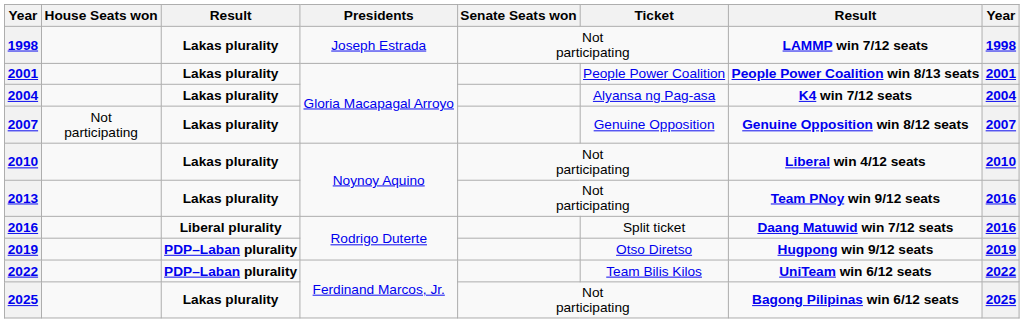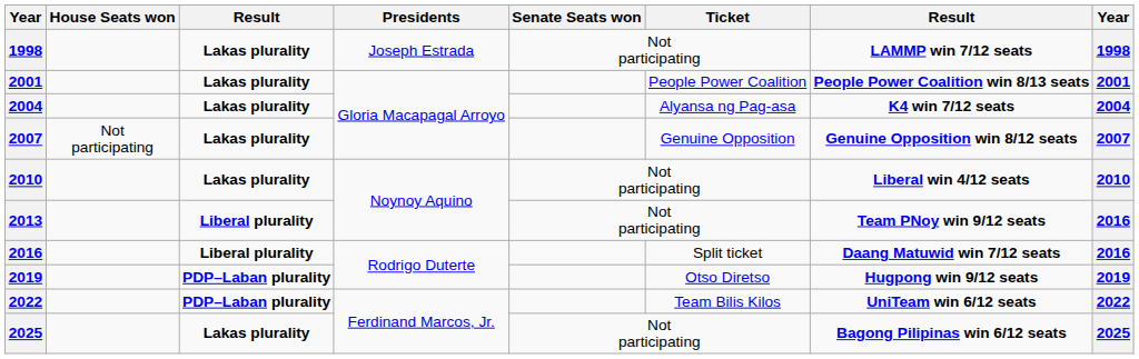 <table class="wikitable" style="text-align:center; font-size:90%">
 <tr>
 <th>Year</th>
 <th>House Seats won</th>
 <th>Result</th>
 <th>Presidents</th>
 <th>Senate Seats won</th>
 <th>Ticket</th>
 <th>Result</th>
 <th>Year</th>
 </tr>
 <tr>
 <th><a href='#'>1998</a></th>
 <td></td>
 <td><strong>Lakas plurality</strong></td>
 <td style="background:"><a href='#'><span>Joseph Estrada</span></a></td>
 <td colspan="2">Not<br>participating</td>
 <td><strong><a href='#'>LAMMP</a> win 7/12 seats</strong></td>
 <th><a href='#'>1998</a></th>
 </tr>
 <tr>
 <th><a href='#'>2001</a></th>
 <td></td>
 <td><strong>Lakas plurality</strong></td>
 <td rowspan="3" style="background:"><a href='#'>Gloria Macapagal Arroyo</a></td>
 <td></td>
 <td style="background:"><a href='#'><span>People Power Coalition</span></a></td>
 <td style="background:"><strong><a href='#'><span>People Power Coalition</span></a> <span>win 8/13 seats</span></strong></td>
 <th><a href='#'>2001</a></th>
 </tr>
 <tr>
 <th><a href='#'>2004</a></th>
 <td></td>
 <td><strong>Lakas plurality</strong></td>
 <td></td>
 <td><a href='#'>Alyansa ng Pag-asa</a></td>
 <td><strong><a href='#'>K4</a> win 7/12 seats</strong></td>
 <th><a href='#'>2004</a></th>
 </tr>
 <tr>
 <th><a href='#'>2007</a></th>
 <td>Not<br>participating</td>
 <td><strong>Lakas plurality</strong></td>
 <td></td>
 <td style="background:"><a href='#'><span>Genuine Opposition</span></a></td>
 <td style="background:"><strong><a href='#'><span>Genuine Opposition</span></a> <span>win 8/12 seats</span></strong></td>
 <th><a href='#'>2007</a></th>
 </tr>
 <tr>
 <th><a href='#'>2010</a></th>
 <td></td>
 <td><strong>Lakas plurality</strong></td>
 <td rowspan="2" style="background-color:"><a href='#'>Noynoy Aquino</a></td>
 <td colspan=2>Not<br>participating</td>
 <td><strong><a href='#'>Liberal</a> win 4/12 seats</strong></td>
 <th><a href='#'>2010</a></th>
 </tr>
 <tr>
 <th><a href='#'>2013</a></th>
 <td></td>
-<td><strong>Lakas plurality</strong></td>
+<td><strong><a href='#'>Liberal</a> plurality</strong></td>
 <td colspan=2>Not<br>participating</td>
 <td><strong><a href='#'>Team PNoy</a> win 9/12 seats</strong></td>
 <th><a href='#'>2016</a></th>
 </tr>
 <tr>
 <th><a href='#'>2016</a></th>
 <td></td>
 <td><strong>Liberal plurality</strong></td>
 <td rowspan="2" style="background-color:"><a href='#'>Rodrigo Duterte</a></td>
 <td></td>
 <td>Split ticket</td>
 <td><strong><a href='#'>Daang Matuwid</a> win 7/12 seats</strong></td>
 <th><a href='#'>2016</a></th>
 </tr>
 <tr>
 <th><a href='#'>2019</a></th>
 <td></td>
 <td><strong><a href='#'>PDP–Laban</a> plurality</strong></td>
 <td></td>
 <td><a href='#'>Otso Diretso</a></td>
 <td><strong><a href='#'>Hugpong</a> win 9/12 seats</strong></td>
 <th><a href='#'>2019</a></th>
 </tr>
 <tr>
 <th><a href='#'>2022</a></th>
 <td style="text-align:center"></td>
 <td><strong><a href='#'>PDP–Laban</a> plurality</strong></td>
 <td rowspan="2" style="background-color:"><a href='#'><span>Ferdinand Marcos, Jr.</span></a></td>
 <td style="text-align:center"></td>
 <td><a href='#'>Team Bilis Kilos</a></td>
 <td><strong><a href='#'>UniTeam</a> win 6/12 seats</strong></td>
 <th><a href='#'>2022</a></th>
 </tr>
 <tr>
 <th><a href='#'>2025</a></th>
 <td></td>
 <td><strong>Lakas plurality</strong></td>
 <td colspan="2">Not<br>participating</td>
 <td><strong><a href='#'>Bagong Pilipinas</a> win 6/12 seats</strong></td>
 <th><a href='#'>2025</a></th>
 </tr>
 </table>
